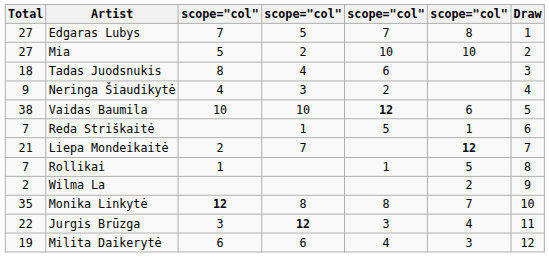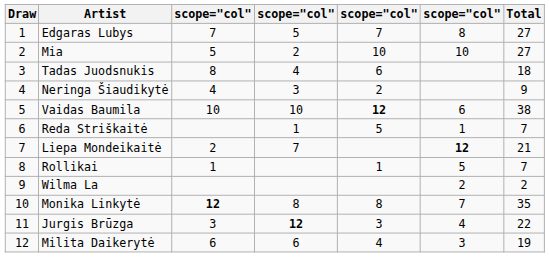 <table class="wikitable collapsible" style="margin: 1em auto 1em auto; text-align:center;">
 <tr>
-<th>Total</th>
+<th>Draw</th>
 <th>Artist</th>
 <th>scope="col" </th>
 <th>scope="col" </th>
 <th>scope="col" </th>
 <th>scope="col" </th>
-<th>Draw</th>
+<th>Total</th>
 </tr>
 <tr>
-<td>27</td>
+<td>1</td>
 <td align="left">Edgaras Lubys</td>
 <td>7</td>
 <td>5</td>
 <td>7</td>
 <td>8</td>
-<td>1</td>
+<td>27</td>
 </tr>
 <tr>
-<td>27</td>
+<td>2</td>
 <td align="left">Mia</td>
 <td>5</td>
 <td>2</td>
 <td>10</td>
 <td>10</td>
-<td>2</td>
+<td>27</td>
 </tr>
 <tr>
-<td>18</td>
+<td>3</td>
 <td align="left">Tadas Juodsnukis</td>
 <td>8</td>
 <td>4</td>
 <td>6</td>
 <td></td>
-<td>3</td>
+<td>18</td>
 </tr>
 <tr>
-<td>9</td>
+<td>4</td>
 <td align="left">Neringa Šiaudikytė</td>
 <td>4</td>
 <td>3</td>
 <td>2</td>
 <td></td>
-<td>4</td>
+<td>9</td>
 </tr>
 <tr>
-<td>38</td>
+<td>5</td>
 <td align="left">Vaidas Baumila</td>
 <td>10</td>
 <td>10</td>
 <td><strong>12</strong></td>
 <td>6</td>
-<td>5</td>
+<td>38</td>
 </tr>
 <tr>
-<td>7</td>
+<td>6</td>
 <td align="left">Reda Striškaitė</td>
 <td></td>
 <td>1</td>
 <td>5</td>
 <td>1</td>
-<td>6</td>
+<td>7</td>
 </tr>
 <tr>
-<td>21</td>
+<td>7</td>
 <td align="left">Liepa Mondeikaitė</td>
 <td>2</td>
 <td>7</td>
 <td></td>
 <td><strong>12</strong></td>
-<td>7</td>
+<td>21</td>
 </tr>
 <tr>
-<td>7</td>
+<td>8</td>
 <td align="left">Rollikai</td>
 <td>1</td>
 <td></td>
 <td>1</td>
 <td>5</td>
-<td>8</td>
+<td>7</td>
 </tr>
 <tr>
-<td>2</td>
+<td>9</td>
 <td align="left">Wilma La</td>
 <td></td>
 <td></td>
 <td></td>
 <td>2</td>
-<td>9</td>
+<td>2</td>
 </tr>
 <tr>
-<td>35</td>
+<td>10</td>
 <td align="left">Monika Linkytė</td>
 <td><strong>12</strong></td>
 <td>8</td>
 <td>8</td>
 <td>7</td>
-<td>10</td>
+<td>35</td>
 </tr>
 <tr>
-<td>22</td>
+<td>11</td>
 <td align="left">Jurgis Brūzga</td>
 <td>3</td>
 <td><strong>12</strong></td>
 <td>3</td>
 <td>4</td>
-<td>11</td>
+<td>22</td>
 </tr>
 <tr>
-<td>19</td>
+<td>12</td>
 <td align="left">Milita Daikerytė</td>
 <td>6</td>
 <td>6</td>
 <td>4</td>
 <td>3</td>
-<td>12</td>
+<td>19</td>
 </tr>
 </table>
